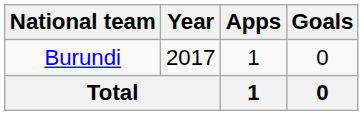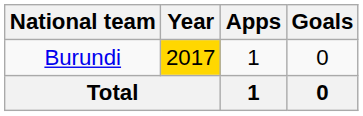 <table class="wikitable" style="text-align:center">
 <tr>
 <th>National team</th>
 <th>Year</th>
 <th>Apps</th>
 <th>Goals</th>
 </tr>
 <tr>
 <td rowspan="1"><a href='#'>Burundi</a></td>
-<td>2017</td>
+<td style="background: gold;">2017</td>
 <td>1</td>
 <td>0</td>
 </tr>
 <tr>
 <th colspan=2>Total</th>
 <th>1</th>
 <th>0</th>
 </tr>
 </table>
